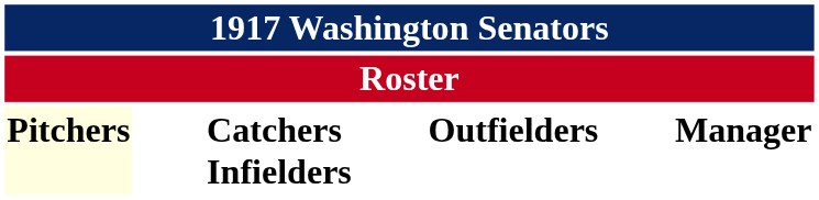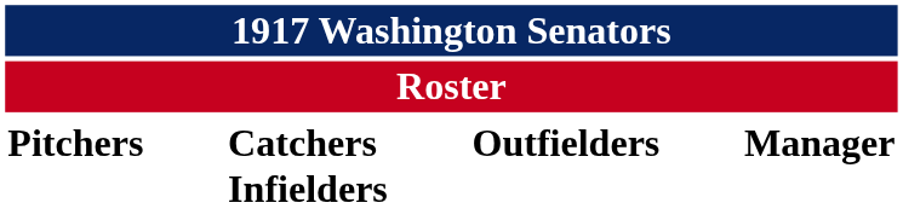 <table class="toccolours" style="font-size: 95%;">
 <tr>
 <th colspan="10" style="background-color: #072764; color: white; text-align: center;">1917 Washington Senators</th>
 </tr>
 <tr>
 <td colspan="10" style="background-color: #c6011f; color: white; text-align: center;"><strong>Roster</strong></td>
 </tr>
 <tr>
-<td valign="top" style="background: lightyellow;"><strong>Pitchers</strong><br>       </td>
+<td valign="top"><strong>Pitchers</strong><br>       </td>
 <td width="25px"></td>
 <td valign="top"><strong>Catchers</strong><br>  <strong>Infielders</strong>         </td>
 <td width="25px"></td>
 <td valign="top"><strong>Outfielders</strong><br>     </td>
 <td width="25px"></td>
 <td valign="top"><strong>Manager</strong><br></td>
 </tr>
 </table>
